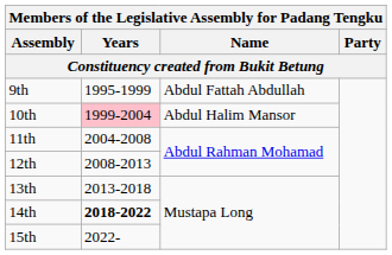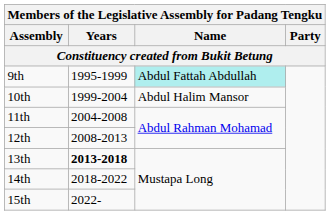 <table class="wikitable">
 <tr>
 <th colspan="4">Members of the Legislative Assembly for Padang Tengku</th>
 </tr>
 <tr>
 <th>Assembly</th>
 <th>Years</th>
 <th>Name</th>
 <th>Party</th>
 </tr>
 <tr>
 <th colspan="4"><em>Constituency created from Bukit Betung</em></th>
 </tr>
 <tr>
 <td>9th</td>
 <td>1995-1999</td>
-<td>Abdul Fattah Abdullah</td>
+<td style="background: paleturquoise;">Abdul Fattah Abdullah</td>
 <td rowspan="7"></td>
 </tr>
 <tr>
 <td>10th</td>
-<td style="background: pink;">1999-2004</td>
+<td>1999-2004</td>
 <td>Abdul Halim Mansor</td>
 </tr>
 <tr>
 <td>11th</td>
 <td>2004-2008</td>
 <td rowspan="2"><a href='#'>Abdul Rahman Mohamad</a></td>
 </tr>
 <tr>
 <td>12th</td>
 <td>2008-2013</td>
 </tr>
 <tr>
 <td>13th</td>
-<td>2013-2018</td>
+<td><strong>2013-2018</strong></td>
 <td rowspan="3">Mustapa Long</td>
 </tr>
 <tr>
 <td>14th</td>
-<td><strong>2018-2022</strong></td>
+<td>2018-2022</td>
 </tr>
 <tr>
 <td>15th</td>
 <td>2022-</td>
 </tr>
 </table>
